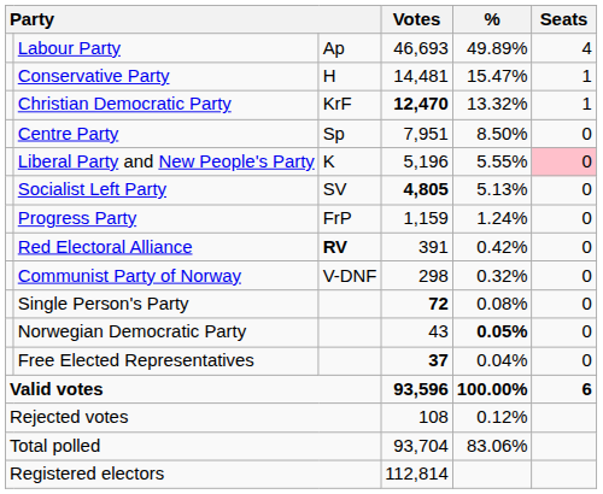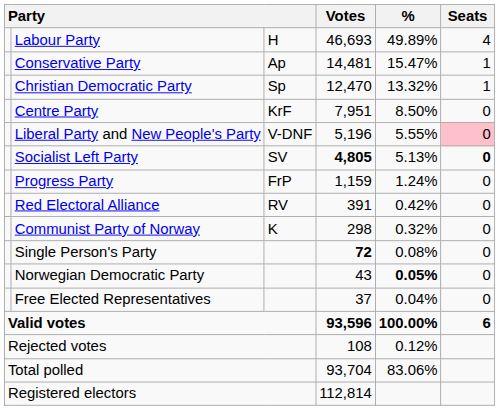 <table class="wikitable" border="1" style="text-align:right;">
 <tr>
 <th style="text-align:left;" colspan=3>Party</th>
 <th align=center width="50">Votes</th>
 <th align=center width="50">%</th>
 <th align=center width="50">Seats</th>
 </tr>
 <tr>
 <td style="color:inherit;background:"></td>
 <td align=left><a href='#'>Labour Party</a></td>
-<td align=left>Ap</td>
+<td align=left>H</td>
 <td>46,693</td>
 <td>49.89%</td>
 <td>4</td>
 </tr>
 <tr>
 <td style="color:inherit;background:"></td>
 <td align=left><a href='#'>Conservative Party</a></td>
-<td align=left>H</td>
+<td align=left>Ap</td>
 <td>14,481</td>
 <td>15.47%</td>
 <td>1</td>
 </tr>
 <tr>
 <td style="color:inherit;background:"></td>
 <td align=left><a href='#'>Christian Democratic Party</a></td>
-<td align=left>KrF</td>
-<td><strong>12,470</strong></td>
+<td align=left>Sp</td>
+<td>12,470</td>
 <td>13.32%</td>
 <td>1</td>
 </tr>
 <tr>
 <td style="color:inherit;background:"></td>
 <td align=left><a href='#'>Centre Party</a></td>
-<td align=left>Sp</td>
+<td align=left>KrF</td>
 <td>7,951</td>
 <td>8.50%</td>
 <td>0</td>
 </tr>
 <tr>
 <td></td>
 <td align=left><a href='#'>Liberal Party</a> and <a href='#'>New People's Party</a></td>
-<td align=left>K</td>
+<td align=left>V-DNF</td>
 <td>5,196</td>
 <td>5.55%</td>
 <td style="background: pink;">0</td>
 </tr>
 <tr>
 <td style="color:inherit;background:"></td>
 <td align=left><a href='#'>Socialist Left Party</a></td>
 <td align=left>SV</td>
 <td><strong>4,805</strong></td>
 <td>5.13%</td>
-<td>0</td>
+<td><strong>0</strong></td>
 </tr>
 <tr>
 <td style="color:inherit;background:"></td>
 <td align=left><a href='#'>Progress Party</a></td>
 <td align=left>FrP</td>
 <td>1,159</td>
 <td>1.24%</td>
 <td>0</td>
 </tr>
 <tr>
 <td style="color:inherit;background:"></td>
 <td align=left><a href='#'>Red Electoral Alliance</a></td>
-<td align=left><strong>RV</strong></td>
+<td align=left>RV</td>
 <td>391</td>
 <td>0.42%</td>
 <td>0</td>
 </tr>
 <tr>
 <td style="color:inherit;background:"></td>
 <td align=left><a href='#'>Communist Party of Norway</a></td>
-<td align=left>V-DNF</td>
+<td align=left>K</td>
 <td>298</td>
 <td>0.32%</td>
 <td>0</td>
 </tr>
 <tr>
 <td></td>
 <td align=left>Single Person's Party</td>
 <td align=left></td>
 <td><strong>72</strong></td>
 <td>0.08%</td>
 <td>0</td>
 </tr>
 <tr>
 <td></td>
 <td align=left>Norwegian Democratic Party</td>
 <td align=left></td>
 <td>43</td>
 <td><strong>0.05%</strong></td>
 <td>0</td>
 </tr>
 <tr>
 <td></td>
 <td align=left>Free Elected Representatives</td>
 <td align=left></td>
-<td><strong>37</strong></td>
+<td>37</td>
 <td>0.04%</td>
 <td>0</td>
 </tr>
 <tr style="font-weight:bold">
 <td align=left colspan=3>Valid votes</td>
 <td>93,596</td>
 <td>100.00%</td>
 <td>6</td>
 </tr>
 <tr>
 <td align=left colspan=3>Rejected votes</td>
 <td>108</td>
 <td>0.12%</td>
 <td></td>
 </tr>
 <tr>
 <td align=left colspan=3>Total polled</td>
 <td>93,704</td>
 <td>83.06%</td>
 <td></td>
 </tr>
 <tr>
 <td align=left colspan=3>Registered electors</td>
 <td>112,814</td>
 <td></td>
 <td></td>
 </tr>
 </table>
